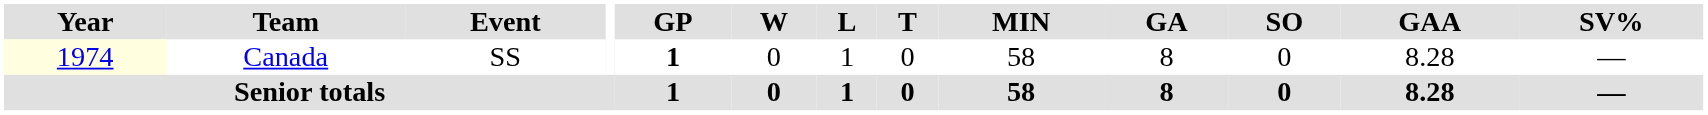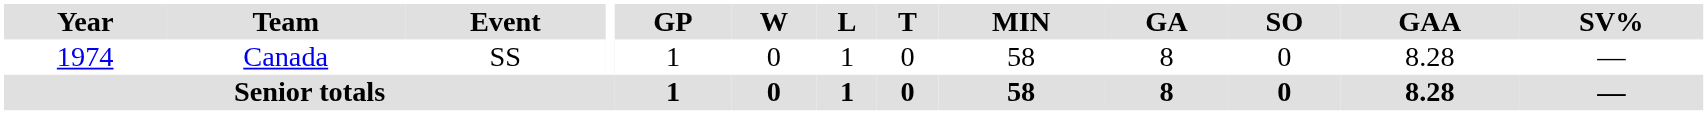 <table border="0" cellpadding="1" cellspacing="0" ID="Table3" style="text-align:center; width:60em">
 <tr ALIGN="center" bgcolor="#e0e0e0">
 <th>Year</th>
 <th>Team</th>
 <th>Event</th>
 <th rowspan="99" bgcolor="#ffffff"></th>
 <th>GP</th>
 <th>W</th>
 <th>L</th>
 <th>T</th>
 <th>MIN</th>
 <th>GA</th>
 <th>SO</th>
 <th>GAA</th>
 <th>SV%</th>
 </tr>
 <tr>
-<td style="background: lightyellow;"><a href='#'>1974</a></td>
+<td><a href='#'>1974</a></td>
 <td><a href='#'>Canada</a></td>
 <td>SS</td>
-<td><strong>1</strong></td>
+<td>1</td>
 <td>0</td>
 <td>1</td>
 <td>0</td>
 <td>58</td>
 <td>8</td>
 <td>0</td>
 <td>8.28</td>
 <td>—</td>
 </tr>
 <tr bgcolor="#e0e0e0">
 <th colspan=4>Senior totals</th>
 <th>1</th>
 <th>0</th>
 <th>1</th>
 <th>0</th>
 <th>58</th>
 <th>8</th>
 <th>0</th>
 <th>8.28</th>
 <th>—</th>
 </tr>
 </table>
